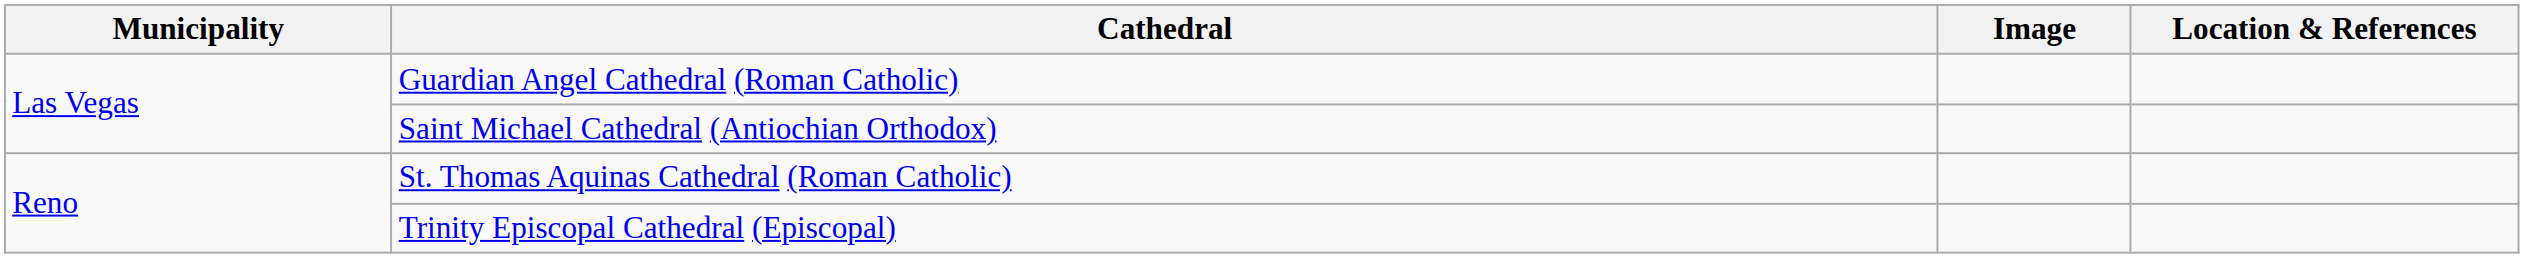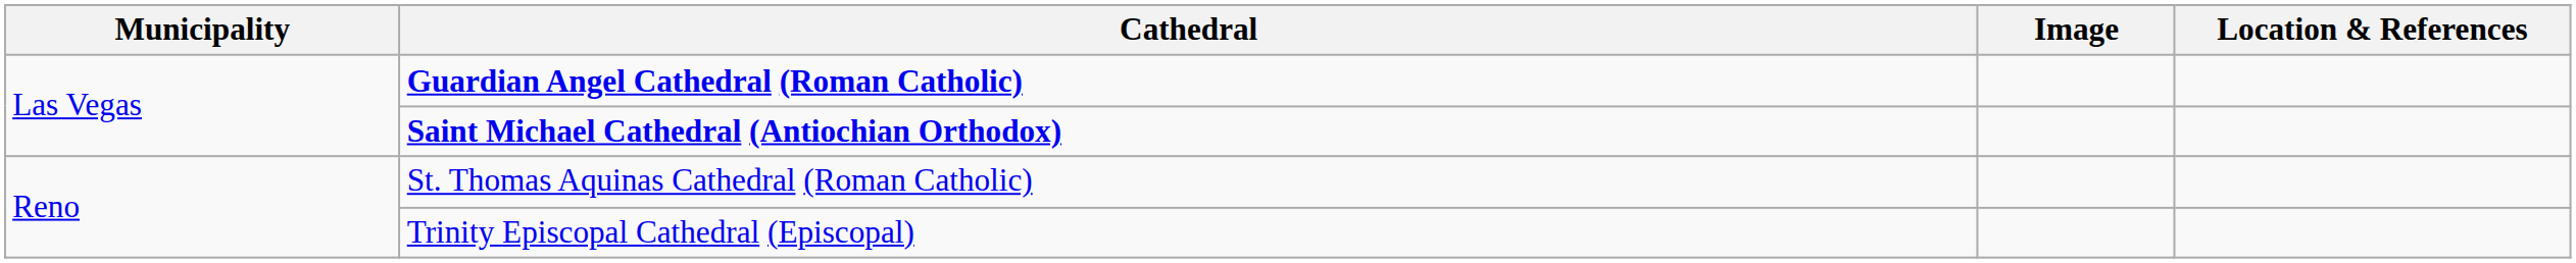 <table width=65% class="wikitable">
 <tr>
 <th width = 10%>Municipality</th>
 <th width = 40%>Cathedral</th>
 <th width = 5%>Image</th>
 <th width = 10%>Location & References</th>
 </tr>
 <tr>
 <td rowspan=2><a href='#'>Las Vegas</a></td>
-<td><a href='#'>Guardian Angel Cathedral</a> <a href='#'>(Roman Catholic)</a></td>
+<td><strong><a href='#'>Guardian Angel Cathedral</a> <a href='#'>(Roman Catholic)</a></strong></td>
 <td></td>
 <td><small></small><br></td>
 </tr>
 <tr>
-<td><a href='#'>Saint Michael Cathedral</a> <a href='#'>(Antiochian Orthodox)</a></td>
+<td><strong><a href='#'>Saint Michael Cathedral</a> <a href='#'>(Antiochian Orthodox)</a></strong></td>
 <td></td>
 <td><small></small><br></td>
 </tr>
 <tr>
 <td rowspan=2><a href='#'>Reno</a></td>
 <td><a href='#'>St. Thomas Aquinas Cathedral</a> <a href='#'>(Roman Catholic)</a></td>
 <td></td>
 <td><small></small><br></td>
 </tr>
 <tr>
 <td><a href='#'>Trinity Episcopal Cathedral</a> <a href='#'>(Episcopal)</a></td>
 <td></td>
 <td><small></small><br></td>
 </tr>
 </table>
